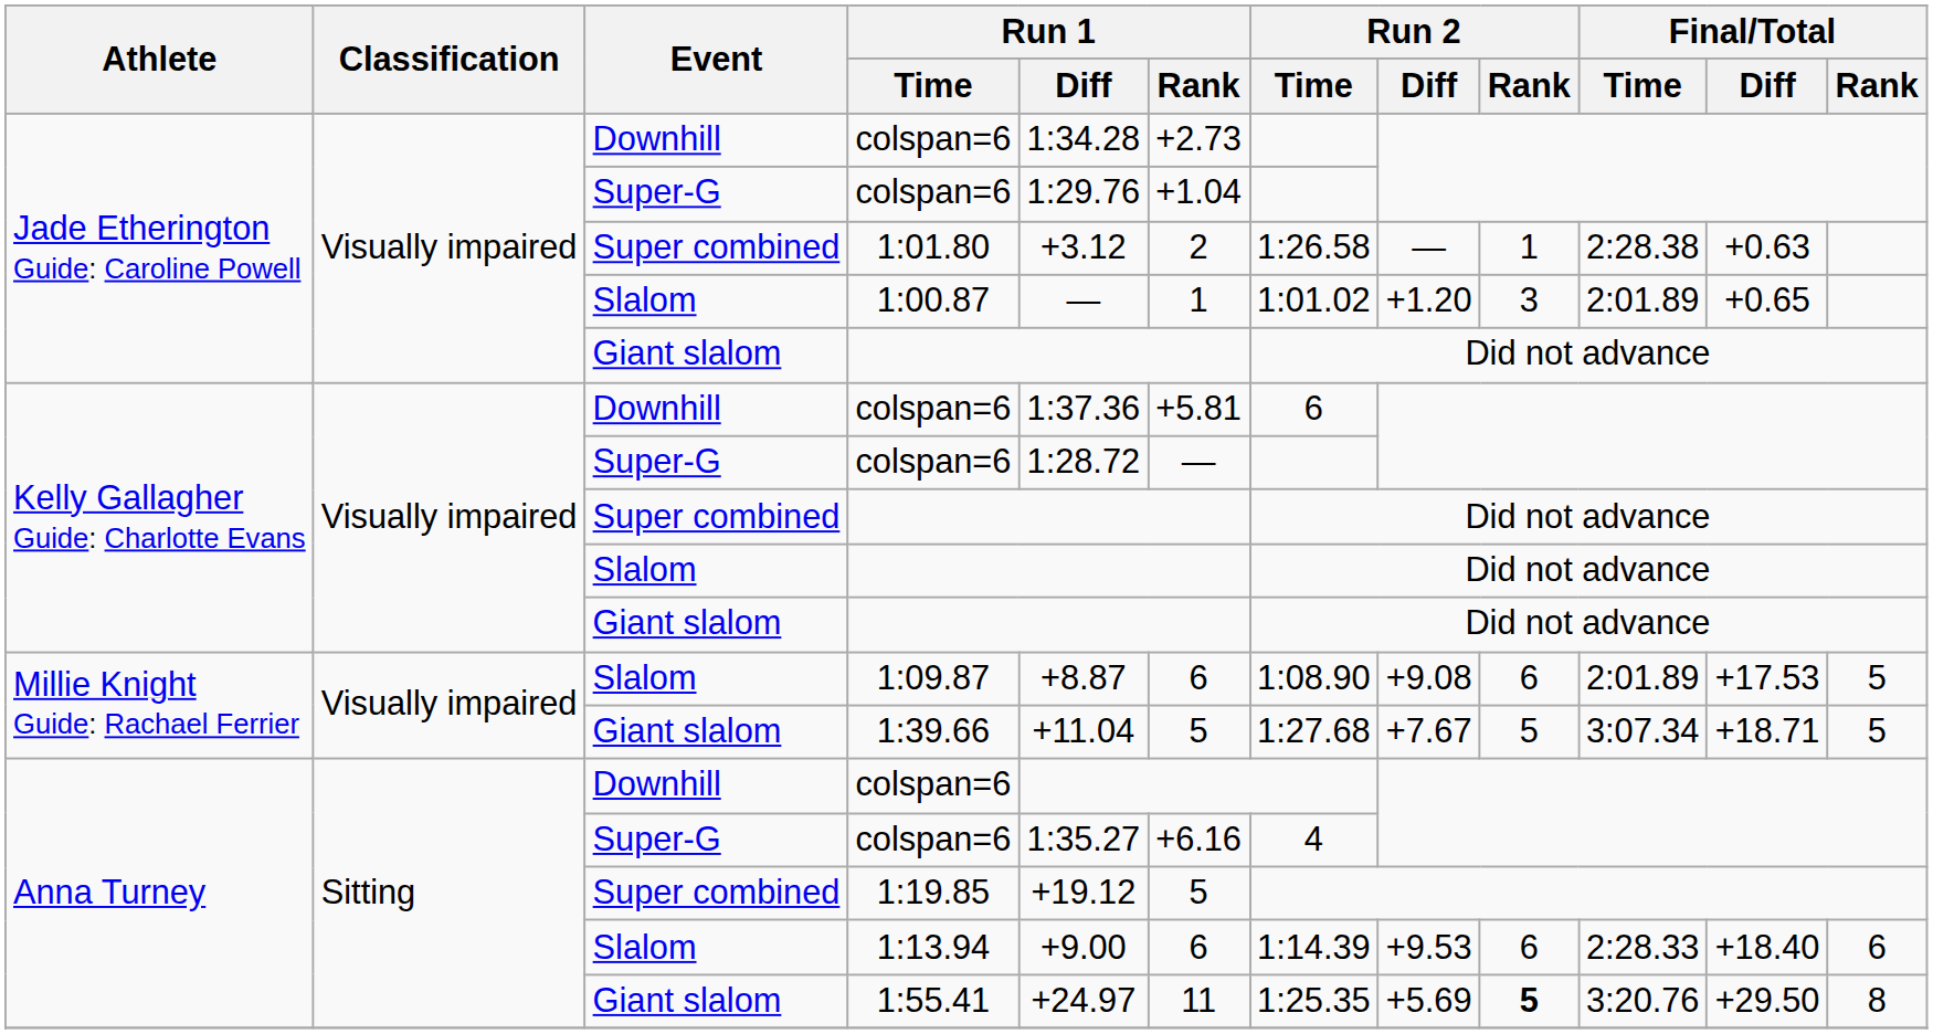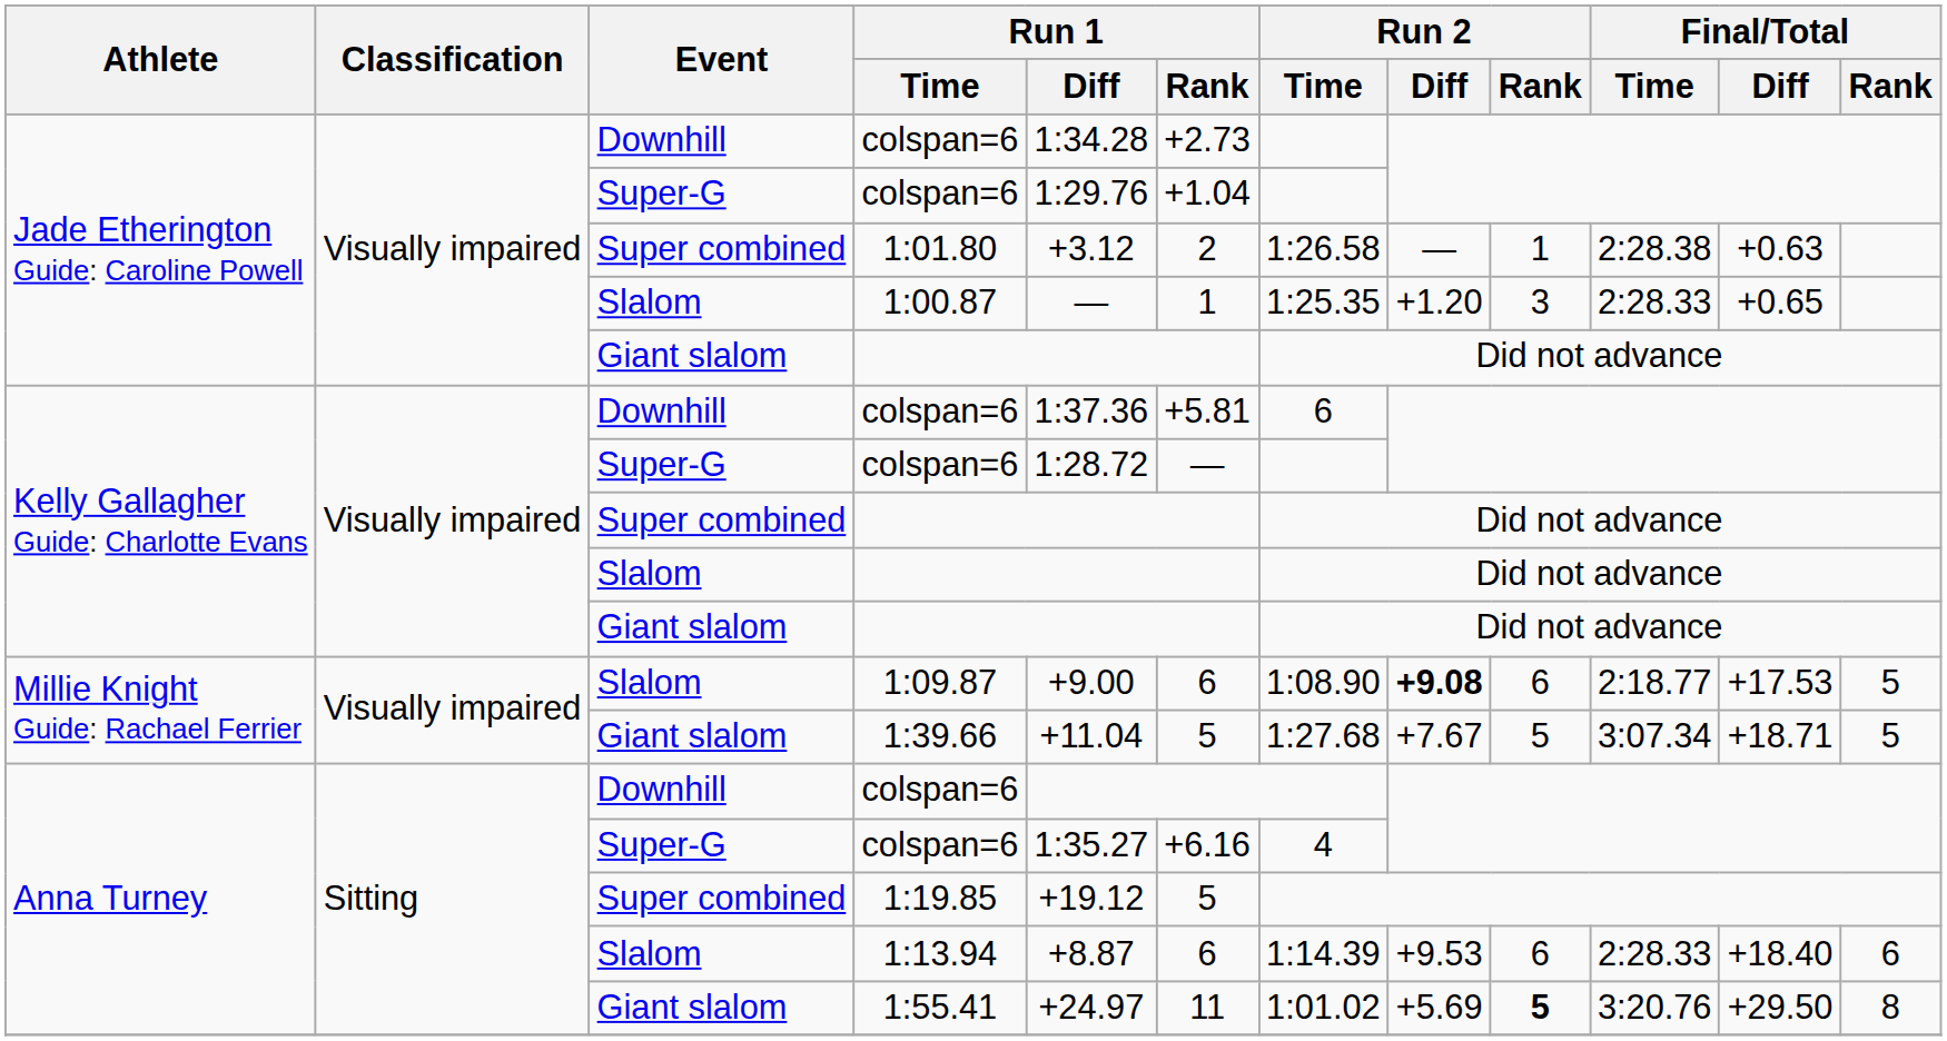 <table class="wikitable" style="font-size:100%">
 <tr>
 <th rowspan="2">Athlete</th>
 <th rowspan="2">Classification</th>
 <th rowspan="2">Event</th>
 <th colspan="3">Run 1</th>
 <th colspan="3">Run 2</th>
 <th colspan="3">Final/Total</th>
 </tr>
 <tr>
 <th>Time</th>
 <th>Diff</th>
 <th>Rank</th>
 <th>Time</th>
 <th>Diff</th>
 <th>Rank</th>
 <th>Time</th>
 <th>Diff</th>
 <th>Rank</th>
 </tr>
 <tr>
 <td rowspan=5><a href='#'>Jade Etherington</a><br><small><a href='#'>Guide</a>: <a href='#'>Caroline Powell</a></small></td>
 <td rowspan=5>Visually impaired</td>
 <td><a href='#'>Downhill</a></td>
 <td>colspan=6 </td>
 <td align="center">1:34.28</td>
 <td align="center">+2.73</td>
 <td align="center"></td>
 </tr>
 <tr>
 <td><a href='#'>Super-G</a></td>
 <td>colspan=6 </td>
 <td align="center">1:29.76</td>
 <td align="center">+1.04</td>
 <td align="center"></td>
 </tr>
 <tr>
 <td><a href='#'>Super combined</a></td>
 <td align="center">1:01.80</td>
 <td align="center">+3.12</td>
 <td align="center">2</td>
 <td align="center">1:26.58</td>
 <td align="center">—</td>
 <td align="center">1</td>
 <td align="center">2:28.38</td>
 <td align="center">+0.63</td>
 <td align="center"></td>
 </tr>
 <tr>
 <td><a href='#'>Slalom</a></td>
 <td align="center">1:00.87</td>
 <td align="center">—</td>
 <td align="center">1</td>
-<td align="center">1:01.02</td>
+<td align="center">1:25.35</td>
 <td align="center">+1.20</td>
 <td align="center">3</td>
-<td align="center">2:01.89</td>
+<td align="center">2:28.33</td>
 <td align="center">+0.65</td>
 <td align="center"></td>
 </tr>
 <tr>
 <td><a href='#'>Giant slalom</a></td>
 <td align=center colspan=3></td>
 <td align=center colspan=6>Did not advance</td>
 </tr>
 <tr>
 <td rowspan=5><a href='#'>Kelly Gallagher</a><br><small><a href='#'>Guide</a>: <a href='#'>Charlotte Evans</a></small></td>
 <td rowspan=5>Visually impaired</td>
 <td><a href='#'>Downhill</a></td>
 <td>colspan=6 </td>
 <td align="center">1:37.36</td>
 <td align="center">+5.81</td>
 <td align="center">6</td>
 </tr>
 <tr>
 <td><a href='#'>Super-G</a></td>
 <td>colspan=6 </td>
 <td align="center">1:28.72</td>
 <td align="center">—</td>
 <td align="center"></td>
 </tr>
 <tr>
 <td><a href='#'>Super combined</a></td>
 <td align=center colspan=3></td>
 <td align=center colspan=6>Did not advance</td>
 </tr>
 <tr>
 <td><a href='#'>Slalom</a></td>
 <td align=center colspan=3></td>
 <td align=center colspan=6>Did not advance</td>
 </tr>
 <tr>
 <td><a href='#'>Giant slalom</a></td>
 <td align=center colspan=3></td>
 <td align=center colspan=6>Did not advance</td>
 </tr>
 <tr>
 <td rowspan=2><a href='#'>Millie Knight</a><br><small><a href='#'>Guide</a>: <a href='#'>Rachael Ferrier</a></small></td>
 <td rowspan=2>Visually impaired</td>
 <td><a href='#'>Slalom</a></td>
 <td align="center">1:09.87</td>
-<td align="center">+8.87</td>
+<td align="center">+9.00</td>
 <td align="center">6</td>
 <td align="center">1:08.90</td>
-<td align="center">+9.08</td>
+<td align="center"><strong>+9.08</strong></td>
 <td align="center">6</td>
-<td align="center">2:01.89</td>
+<td align="center">2:18.77</td>
 <td align="center">+17.53</td>
 <td align="center">5</td>
 </tr>
 <tr>
 <td><a href='#'>Giant slalom</a></td>
 <td align="center">1:39.66</td>
 <td align="center">+11.04</td>
 <td align="center">5</td>
 <td align="center">1:27.68</td>
 <td align="center">+7.67</td>
 <td align="center">5</td>
 <td align="center">3:07.34</td>
 <td align="center">+18.71</td>
 <td align="center">5</td>
 </tr>
 <tr>
 <td rowspan=5><a href='#'>Anna Turney</a></td>
 <td rowspan=5>Sitting</td>
 <td><a href='#'>Downhill</a></td>
 <td>colspan=6 </td>
 <td align=center colspan=3></td>
 </tr>
 <tr>
 <td><a href='#'>Super-G</a></td>
 <td>colspan=6 </td>
 <td align="center">1:35.27</td>
 <td align="center">+6.16</td>
 <td align="center">4</td>
 </tr>
 <tr>
 <td><a href='#'>Super combined</a></td>
 <td align="center">1:19.85</td>
 <td align="center">+19.12</td>
 <td align="center">5</td>
 <td align="center" colspan=6></td>
 </tr>
 <tr>
 <td><a href='#'>Slalom</a></td>
 <td align="center">1:13.94</td>
-<td align="center">+9.00</td>
+<td align="center">+8.87</td>
 <td align="center">6</td>
 <td align="center">1:14.39</td>
 <td align="center">+9.53</td>
 <td align="center">6</td>
 <td align="center">2:28.33</td>
 <td align="center">+18.40</td>
 <td align="center">6</td>
 </tr>
 <tr>
 <td><a href='#'>Giant slalom</a></td>
 <td align="center">1:55.41</td>
 <td align="center">+24.97</td>
 <td align="center">11</td>
-<td align="center">1:25.35</td>
+<td align="center">1:01.02</td>
 <td align="center">+5.69</td>
 <td align="center"><strong>5</strong></td>
 <td align="center">3:20.76</td>
 <td align="center">+29.50</td>
 <td align="center">8</td>
 </tr>
 <tr>
 </tr>
 <tr>
 </tr>
 </table>
